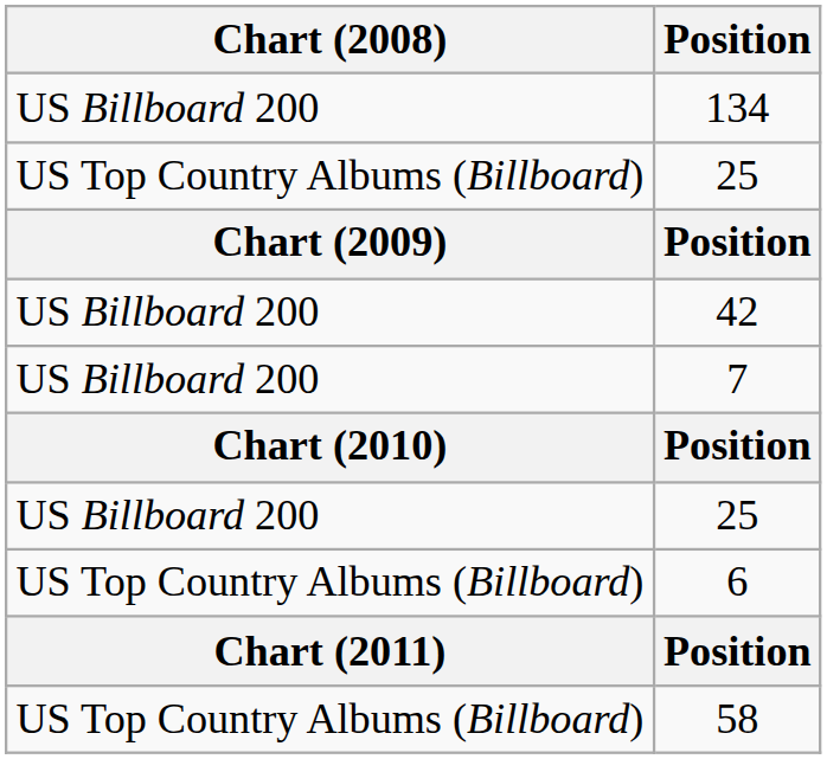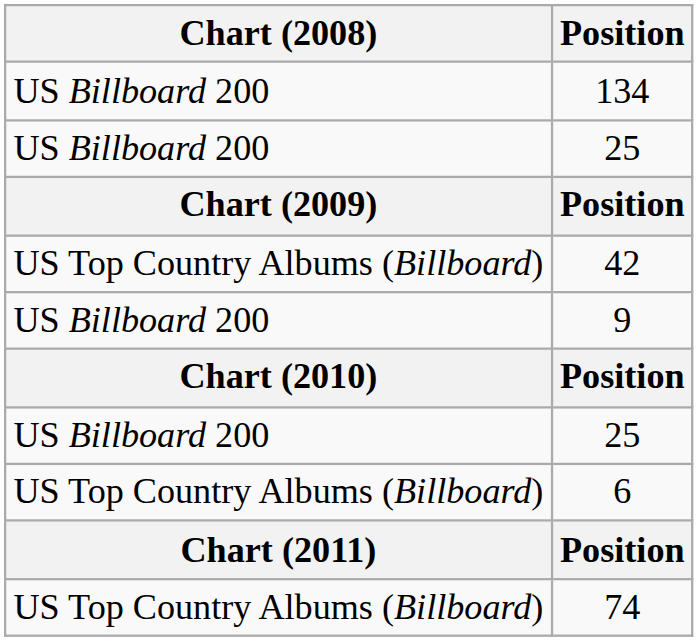 <table class="wikitable">
 <tr>
 <th>Chart (2008)</th>
 <th>Position</th>
 </tr>
 <tr>
 <td>US <em>Billboard</em> 200</td>
 <td style="text-align:center;">134</td>
 </tr>
 <tr>
-<td>US Top Country Albums (<em>Billboard</em>)</td>
+<td>US <em>Billboard</em> 200</td>
 <td style="text-align:center;">25</td>
 </tr>
 <tr>
 <th>Chart (2009)</th>
 <th>Position</th>
 </tr>
 <tr>
-<td>US <em>Billboard</em> 200</td>
+<td>US Top Country Albums (<em>Billboard</em>)</td>
 <td style="text-align:center;">42</td>
 </tr>
 <tr>
 <td>US <em>Billboard</em> 200</td>
-<td style="text-align:center;">7</td>
+<td style="text-align:center;">9</td>
 </tr>
 <tr>
 <th>Chart (2010)</th>
 <th>Position</th>
 </tr>
 <tr>
 <td>US <em>Billboard</em> 200</td>
 <td style="text-align:center;">25</td>
 </tr>
 <tr>
 <td>US Top Country Albums (<em>Billboard</em>)</td>
 <td style="text-align:center;">6</td>
 </tr>
 <tr>
 <th>Chart (2011)</th>
 <th>Position</th>
 </tr>
 <tr>
 <td>US Top Country Albums (<em>Billboard</em>)</td>
-<td style="text-align:center;">58</td>
+<td style="text-align:center;">74</td>
 </tr>
 </table>
